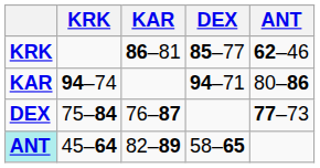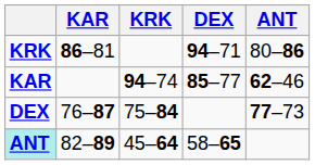 <table class="wikitable">
 <tr>
 <th></th>
+<th> <a href='#'>KAR</a></th>
 <th> <a href='#'><strong>KRK</strong></a></th>
-<th> <a href='#'>KAR</a></th>
 <th> <a href='#'>DEX</a></th>
 <th> <a href='#'><strong>ANT</strong></a></th>
 </tr>
 <tr>
 <td> <a href='#'><strong>KRK</strong></a></td>
-<td></td>
 <td><strong>86</strong>–81</td>
-<td><strong>85</strong>–77</td>
-<td><strong>62</strong>–46</td>
-</tr>
-<tr>
-<td> <a href='#'><strong>KAR</strong></a></td>
-<td><strong>94</strong>–74</td>
 <td></td>
 <td><strong>94</strong>–71</td>
 <td>80–<strong>86</strong></td>
 </tr>
 <tr>
+<td> <a href='#'><strong>KAR</strong></a></td>
+<td></td>
+<td><strong>94</strong>–74</td>
+<td><strong>85</strong>–77</td>
+<td><strong>62</strong>–46</td>
+</tr>
+<tr>
 <td> <a href='#'><strong>DEX</strong></a></td>
+<td>76–<strong>87</strong></td>
 <td>75–<strong>84</strong></td>
-<td>76–<strong>87</strong></td>
 <td></td>
 <td><strong>77</strong>–73</td>
 </tr>
 <tr>
 <td style="background: paleturquoise;"> <a href='#'><strong>ANT</strong></a></td>
+<td>82–<strong>89</strong></td>
 <td>45–<strong>64</strong></td>
-<td>82–<strong>89</strong></td>
 <td>58–<strong>65</strong></td>
 <td></td>
 </tr>
 </table>
